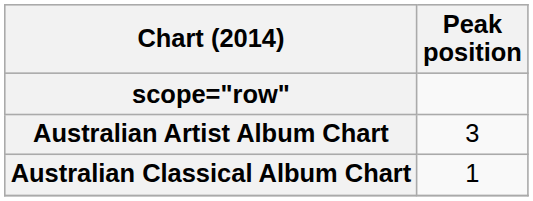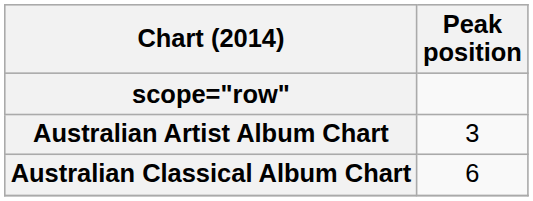 <table class="wikitable sortable plainrowheaders" style="text-align:center;">
 <tr>
 <th scope="col">Chart (2014)</th>
 <th scope="col">Peak<br>position</th>
 </tr>
 <tr>
 <th>scope="row"</th>
 </tr>
 <tr>
 <th scope="row">Australian Artist Album Chart</th>
 <td>3</td>
 </tr>
 <tr>
 <th scope="row">Australian Classical Album Chart</th>
-<td>1</td>
+<td>6</td>
 </tr>
 <tr>
 </tr>
 </table>
